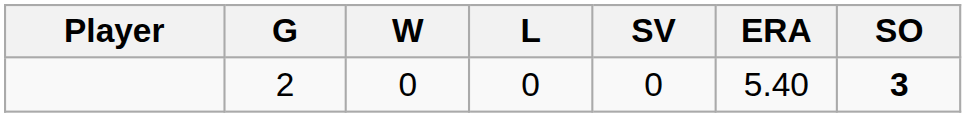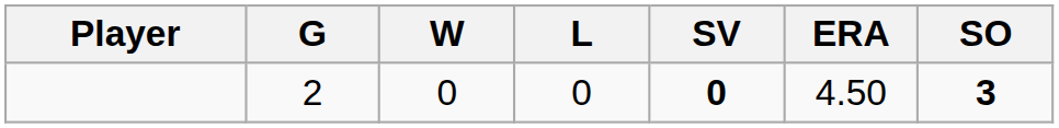 <table class="wikitable sortable">
 <tr>
 <th bgcolor="#DDDDFF" width="16%">Player</th>
 <th bgcolor="#DDDDFF" width="9%">G</th>
 <th bgcolor="#DDDDFF" width="9%">W</th>
 <th bgcolor="#DDDDFF" width="9%">L</th>
 <th bgcolor="#DDDDFF" width="9%">SV</th>
 <th bgcolor="#DDDDFF" width="9%">ERA</th>
 <th bgcolor="#DDDDFF" width="9%">SO</th>
 </tr>
 <tr align="center">
 <td></td>
 <td>2</td>
 <td>0</td>
 <td>0</td>
-<td>0</td>
-<td>5.40</td>
+<td><strong>0</strong></td>
+<td>4.50</td>
 <td><strong>3</strong></td>
 </tr>
 </table>
